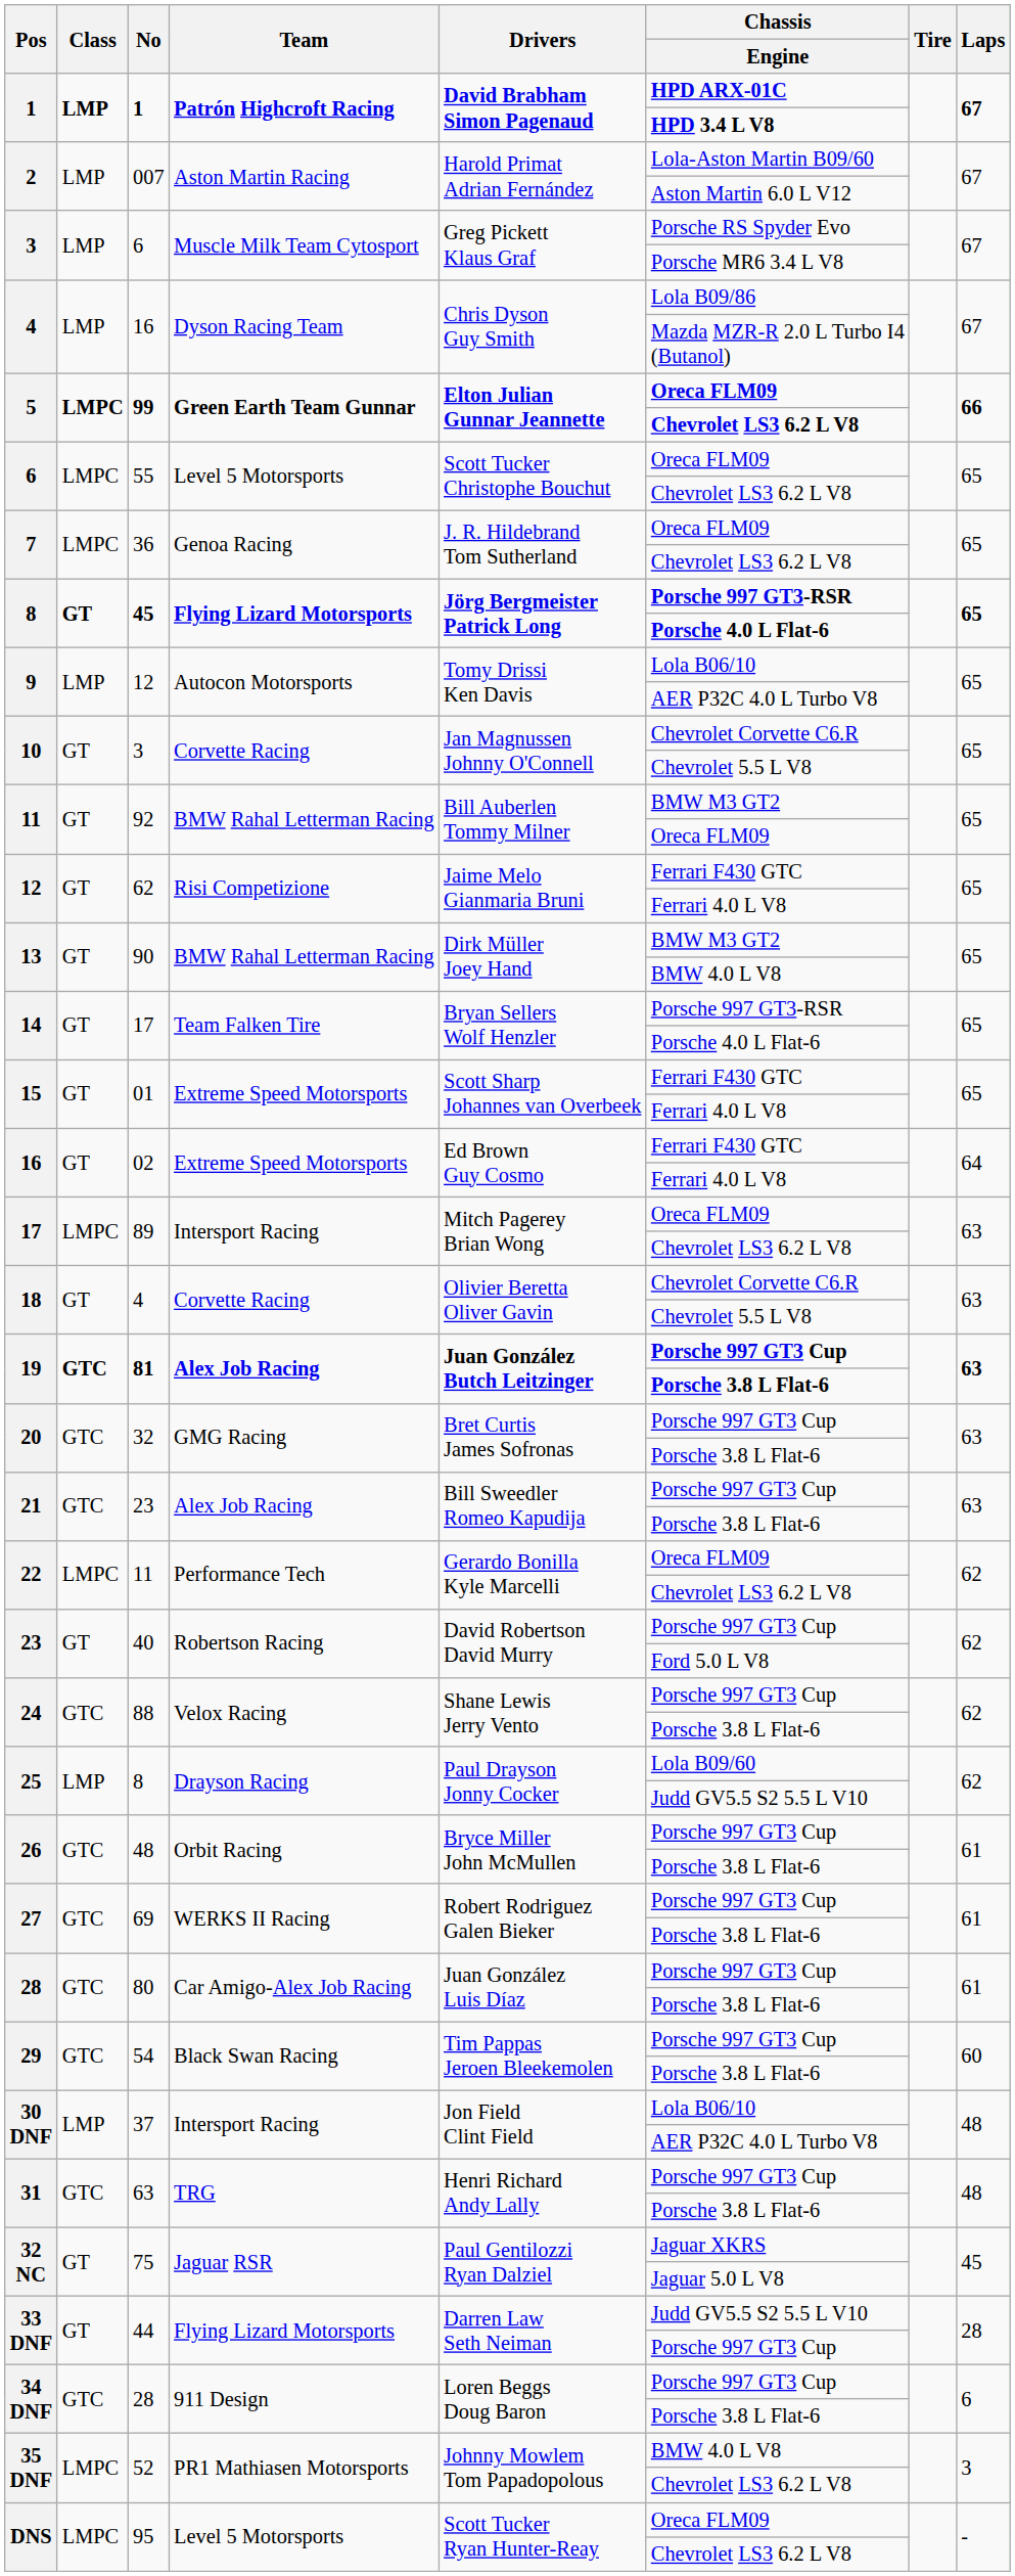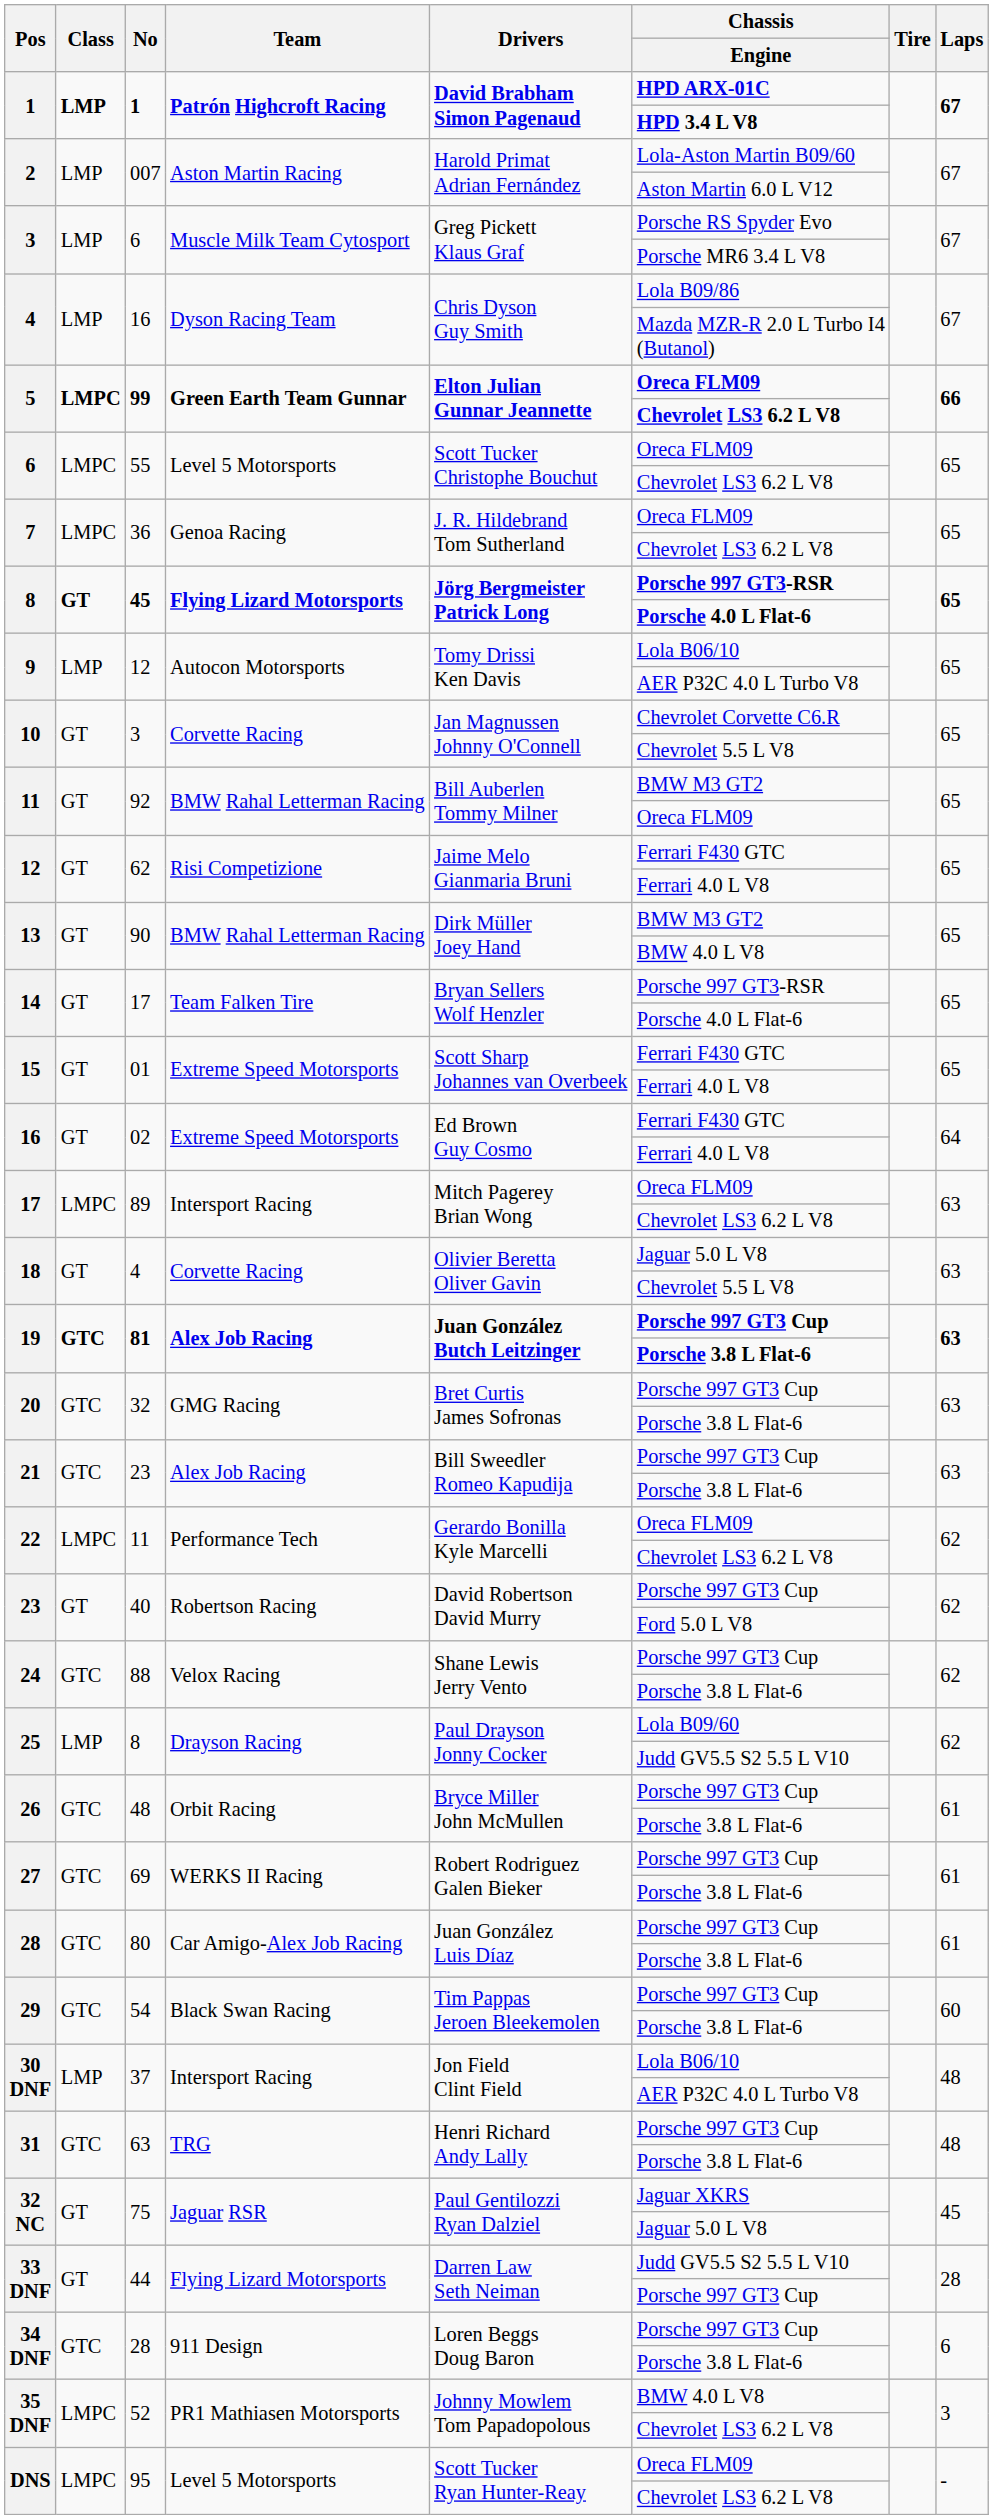 <table class="wikitable" style="font-size: 95%;">
 <tr>
 <th rowspan=2>Pos</th>
 <th rowspan=2>Class</th>
 <th rowspan=2>No</th>
 <th rowspan=2>Team</th>
 <th rowspan=2>Drivers</th>
 <th>Chassis</th>
 <th rowspan=2>Tire</th>
 <th rowspan=2>Laps</th>
 </tr>
 <tr>
 <th>Engine</th>
 </tr>
 <tr style="font-weight:bold">
 <th rowspan=2>1</th>
 <td rowspan=2>LMP</td>
 <td rowspan=2>1</td>
 <td rowspan=2> <a href='#'>Patrón</a> <a href='#'>Highcroft Racing</a></td>
 <td rowspan=2> <a href='#'>David Brabham</a><br> <a href='#'>Simon Pagenaud</a></td>
 <td><a href='#'>HPD ARX-01C</a></td>
 <td rowspan=2></td>
 <td rowspan=2>67</td>
 </tr>
 <tr style="font-weight:bold">
 <td><a href='#'>HPD</a> 3.4 L V8</td>
 </tr>
 <tr>
 <th rowspan=2>2</th>
 <td rowspan=2>LMP</td>
 <td rowspan=2>007</td>
 <td rowspan=2> <a href='#'>Aston Martin Racing</a></td>
 <td rowspan=2> <a href='#'>Harold Primat</a><br> <a href='#'>Adrian Fernández</a></td>
 <td><a href='#'>Lola-Aston Martin B09/60</a></td>
 <td rowspan=2></td>
 <td rowspan=2>67</td>
 </tr>
 <tr>
 <td><a href='#'>Aston Martin</a> 6.0 L V12</td>
 </tr>
 <tr>
 <th rowspan=2>3</th>
 <td rowspan=2>LMP</td>
 <td rowspan=2>6</td>
 <td rowspan=2> <a href='#'>Muscle Milk Team Cytosport</a></td>
 <td rowspan=2> Greg Pickett<br> <a href='#'>Klaus Graf</a></td>
 <td><a href='#'>Porsche RS Spyder</a> Evo</td>
 <td rowspan=2></td>
 <td rowspan=2>67</td>
 </tr>
 <tr>
 <td><a href='#'>Porsche</a> MR6 3.4 L V8</td>
 </tr>
 <tr>
 <th rowspan=2>4</th>
 <td rowspan=2>LMP</td>
 <td rowspan=2>16</td>
 <td rowspan=2> <a href='#'>Dyson Racing Team</a></td>
 <td rowspan=2> <a href='#'>Chris Dyson</a><br> <a href='#'>Guy Smith</a></td>
 <td><a href='#'>Lola B09/86</a></td>
 <td rowspan=2></td>
 <td rowspan=2>67</td>
 </tr>
 <tr>
 <td><a href='#'>Mazda</a> <a href='#'>MZR-R</a> 2.0 L Turbo I4<br>(<a href='#'>Butanol</a>)</td>
 </tr>
 <tr style="font-weight:bold">
 <th rowspan=2>5</th>
 <td rowspan=2>LMPC</td>
 <td rowspan=2>99</td>
 <td rowspan=2> Green Earth Team Gunnar</td>
 <td rowspan=2> <a href='#'>Elton Julian</a><br> <a href='#'>Gunnar Jeannette</a></td>
 <td><a href='#'>Oreca FLM09</a></td>
 <td rowspan=2></td>
 <td rowspan=2>66</td>
 </tr>
 <tr style="font-weight:bold">
 <td><a href='#'>Chevrolet</a> <a href='#'>LS3</a> 6.2 L V8</td>
 </tr>
 <tr>
 <th rowspan=2>6</th>
 <td rowspan=2>LMPC</td>
 <td rowspan=2>55</td>
 <td rowspan=2> Level 5 Motorsports</td>
 <td rowspan=2> <a href='#'>Scott Tucker</a><br> <a href='#'>Christophe Bouchut</a></td>
 <td><a href='#'>Oreca FLM09</a></td>
 <td rowspan=2></td>
 <td rowspan=2>65</td>
 </tr>
 <tr>
 <td><a href='#'>Chevrolet</a> <a href='#'>LS3</a> 6.2 L V8</td>
 </tr>
 <tr>
 <th rowspan=2>7</th>
 <td rowspan=2>LMPC</td>
 <td rowspan=2>36</td>
 <td rowspan=2> Genoa Racing</td>
 <td rowspan=2> <a href='#'>J. R. Hildebrand</a><br> Tom Sutherland</td>
 <td><a href='#'>Oreca FLM09</a></td>
 <td rowspan=2></td>
 <td rowspan=2>65</td>
 </tr>
 <tr>
 <td><a href='#'>Chevrolet</a> <a href='#'>LS3</a> 6.2 L V8</td>
 </tr>
 <tr style="font-weight:bold">
 <th rowspan=2>8</th>
 <td rowspan=2>GT</td>
 <td rowspan=2>45</td>
 <td rowspan=2> <a href='#'>Flying Lizard Motorsports</a></td>
 <td rowspan=2> <a href='#'>Jörg Bergmeister</a><br> <a href='#'>Patrick Long</a></td>
 <td><a href='#'>Porsche 997 GT3</a>-RSR</td>
 <td rowspan=2></td>
 <td rowspan=2>65</td>
 </tr>
 <tr style="font-weight:bold">
 <td><a href='#'>Porsche</a> 4.0 L Flat-6</td>
 </tr>
 <tr>
 <th rowspan=2>9</th>
 <td rowspan=2>LMP</td>
 <td rowspan=2>12</td>
 <td rowspan=2> Autocon Motorsports</td>
 <td rowspan=2> <a href='#'>Tomy Drissi</a><br> Ken Davis</td>
 <td><a href='#'>Lola B06/10</a></td>
 <td rowspan=2></td>
 <td rowspan=2>65</td>
 </tr>
 <tr>
 <td><a href='#'>AER</a> P32C 4.0 L Turbo V8</td>
 </tr>
 <tr>
 <th rowspan=2>10</th>
 <td rowspan=2>GT</td>
 <td rowspan=2>3</td>
 <td rowspan=2> <a href='#'>Corvette Racing</a></td>
 <td rowspan=2> <a href='#'>Jan Magnussen</a><br> <a href='#'>Johnny O'Connell</a></td>
 <td><a href='#'>Chevrolet Corvette C6.R</a></td>
 <td rowspan=2></td>
 <td rowspan=2>65</td>
 </tr>
 <tr>
 <td><a href='#'>Chevrolet</a> 5.5 L V8</td>
 </tr>
 <tr>
 <th rowspan=2>11</th>
 <td rowspan=2>GT</td>
 <td rowspan=2>92</td>
 <td rowspan=2> <a href='#'>BMW</a> <a href='#'>Rahal Letterman Racing</a></td>
 <td rowspan=2> <a href='#'>Bill Auberlen</a><br> <a href='#'>Tommy Milner</a></td>
 <td><a href='#'>BMW M3 GT2</a></td>
 <td rowspan=2></td>
 <td rowspan=2>65</td>
 </tr>
 <tr>
 <td><a href='#'>Oreca FLM09</a></td>
 </tr>
 <tr>
 <th rowspan=2>12</th>
 <td rowspan=2>GT</td>
 <td rowspan=2>62</td>
 <td rowspan=2> <a href='#'>Risi Competizione</a></td>
 <td rowspan=2> <a href='#'>Jaime Melo</a><br> <a href='#'>Gianmaria Bruni</a></td>
 <td><a href='#'>Ferrari F430</a> GTC</td>
 <td rowspan=2></td>
 <td rowspan=2>65</td>
 </tr>
 <tr>
 <td><a href='#'>Ferrari</a> 4.0 L V8</td>
 </tr>
 <tr>
 <th rowspan=2>13</th>
 <td rowspan=2>GT</td>
 <td rowspan=2>90</td>
 <td rowspan=2> <a href='#'>BMW</a> <a href='#'>Rahal Letterman Racing</a></td>
 <td rowspan=2> <a href='#'>Dirk Müller</a><br> <a href='#'>Joey Hand</a></td>
 <td><a href='#'>BMW M3 GT2</a></td>
 <td rowspan=2></td>
 <td rowspan=2>65</td>
 </tr>
 <tr>
 <td><a href='#'>BMW</a> 4.0 L V8</td>
 </tr>
 <tr>
 <th rowspan=2>14</th>
 <td rowspan=2>GT</td>
 <td rowspan=2>17</td>
 <td rowspan=2> <a href='#'>Team Falken Tire</a></td>
 <td rowspan=2> <a href='#'>Bryan Sellers</a><br> <a href='#'>Wolf Henzler</a></td>
 <td><a href='#'>Porsche 997 GT3</a>-RSR</td>
 <td rowspan=2></td>
 <td rowspan=2>65</td>
 </tr>
 <tr>
 <td><a href='#'>Porsche</a> 4.0 L Flat-6</td>
 </tr>
 <tr>
 <th rowspan=2>15</th>
 <td rowspan=2>GT</td>
 <td rowspan=2>01</td>
 <td rowspan=2> <a href='#'>Extreme Speed Motorsports</a></td>
 <td rowspan=2> <a href='#'>Scott Sharp</a><br> <a href='#'>Johannes van Overbeek</a></td>
 <td><a href='#'>Ferrari F430</a> GTC</td>
 <td rowspan=2></td>
 <td rowspan=2>65</td>
 </tr>
 <tr>
 <td><a href='#'>Ferrari</a> 4.0 L V8</td>
 </tr>
 <tr>
 <th rowspan=2>16</th>
 <td rowspan=2>GT</td>
 <td rowspan=2>02</td>
 <td rowspan=2> <a href='#'>Extreme Speed Motorsports</a></td>
 <td rowspan=2> Ed Brown<br> <a href='#'>Guy Cosmo</a></td>
 <td><a href='#'>Ferrari F430</a> GTC</td>
 <td rowspan=2></td>
 <td rowspan=2>64</td>
 </tr>
 <tr>
 <td><a href='#'>Ferrari</a> 4.0 L V8</td>
 </tr>
 <tr>
 <th rowspan=2>17</th>
 <td rowspan=2>LMPC</td>
 <td rowspan=2>89</td>
 <td rowspan=2> Intersport Racing</td>
 <td rowspan=2> Mitch Pagerey<br> Brian Wong</td>
 <td><a href='#'>Oreca FLM09</a></td>
 <td rowspan=2></td>
 <td rowspan=2>63</td>
 </tr>
 <tr>
 <td><a href='#'>Chevrolet</a> <a href='#'>LS3</a> 6.2 L V8</td>
 </tr>
 <tr>
 <th rowspan=2>18</th>
 <td rowspan=2>GT</td>
 <td rowspan=2>4</td>
 <td rowspan=2> <a href='#'>Corvette Racing</a></td>
 <td rowspan=2> <a href='#'>Olivier Beretta</a><br> <a href='#'>Oliver Gavin</a></td>
-<td><a href='#'>Chevrolet Corvette C6.R</a></td>
+<td><a href='#'>Jaguar</a> 5.0 L V8</td>
 <td rowspan=2></td>
 <td rowspan=2>63</td>
 </tr>
 <tr>
 <td><a href='#'>Chevrolet</a> 5.5 L V8</td>
 </tr>
 <tr style="font-weight:bold">
 <th rowspan=2>19</th>
 <td rowspan=2>GTC</td>
 <td rowspan=2>81</td>
 <td rowspan=2> <a href='#'>Alex Job Racing</a></td>
 <td rowspan=2> Juan González<br> <a href='#'>Butch Leitzinger</a></td>
 <td><a href='#'>Porsche 997 GT3</a> Cup</td>
 <td rowspan=2></td>
 <td rowspan=2>63</td>
 </tr>
 <tr style="font-weight:bold">
 <td><a href='#'>Porsche</a> 3.8 L Flat-6</td>
 </tr>
 <tr>
 <th rowspan=2>20</th>
 <td rowspan=2>GTC</td>
 <td rowspan=2>32</td>
 <td rowspan=2> GMG Racing</td>
 <td rowspan=2> <a href='#'>Bret Curtis</a><br> James Sofronas</td>
 <td><a href='#'>Porsche 997 GT3</a> Cup</td>
 <td rowspan=2></td>
 <td rowspan=2>63</td>
 </tr>
 <tr>
 <td><a href='#'>Porsche</a> 3.8 L Flat-6</td>
 </tr>
 <tr>
 <th rowspan=2>21</th>
 <td rowspan=2>GTC</td>
 <td rowspan=2>23</td>
 <td rowspan=2> <a href='#'>Alex Job Racing</a></td>
 <td rowspan=2> Bill Sweedler<br> <a href='#'>Romeo Kapudija</a></td>
 <td><a href='#'>Porsche 997 GT3</a> Cup</td>
 <td rowspan=2></td>
 <td rowspan=2>63</td>
 </tr>
 <tr>
 <td><a href='#'>Porsche</a> 3.8 L Flat-6</td>
 </tr>
 <tr>
 <th rowspan=2>22</th>
 <td rowspan=2>LMPC</td>
 <td rowspan=2>11</td>
 <td rowspan=2> Performance Tech</td>
 <td rowspan=2> <a href='#'>Gerardo Bonilla</a><br> Kyle Marcelli</td>
 <td><a href='#'>Oreca FLM09</a></td>
 <td rowspan=2></td>
 <td rowspan=2>62</td>
 </tr>
 <tr>
 <td><a href='#'>Chevrolet</a> <a href='#'>LS3</a> 6.2 L V8</td>
 </tr>
 <tr>
 <th rowspan=2>23</th>
 <td rowspan=2>GT</td>
 <td rowspan=2>40</td>
 <td rowspan=2> Robertson Racing</td>
 <td rowspan=2> David Robertson<br> David Murry</td>
 <td><a href='#'>Porsche 997 GT3</a> Cup</td>
 <td rowspan=2></td>
 <td rowspan=2>62</td>
 </tr>
 <tr>
 <td><a href='#'>Ford</a> 5.0 L V8</td>
 </tr>
 <tr>
 <th rowspan=2>24</th>
 <td rowspan=2>GTC</td>
 <td rowspan=2>88</td>
 <td rowspan=2> Velox Racing</td>
 <td rowspan=2> Shane Lewis<br> Jerry Vento</td>
 <td><a href='#'>Porsche 997 GT3</a> Cup</td>
 <td rowspan=2></td>
 <td rowspan=2>62</td>
 </tr>
 <tr>
 <td><a href='#'>Porsche</a> 3.8 L Flat-6</td>
 </tr>
 <tr>
 <th rowspan=2>25</th>
 <td rowspan=2>LMP</td>
 <td rowspan=2>8</td>
 <td rowspan=2> <a href='#'>Drayson Racing</a></td>
 <td rowspan=2> <a href='#'>Paul Drayson</a><br> <a href='#'>Jonny Cocker</a></td>
 <td><a href='#'>Lola B09/60</a></td>
 <td rowspan=2></td>
 <td rowspan=2>62</td>
 </tr>
 <tr>
 <td><a href='#'>Judd</a> GV5.5 S2 5.5 L V10</td>
 </tr>
 <tr>
 <th rowspan=2>26</th>
 <td rowspan=2>GTC</td>
 <td rowspan=2>48</td>
 <td rowspan=2> Orbit Racing</td>
 <td rowspan=2> <a href='#'>Bryce Miller</a><br> John McMullen</td>
 <td><a href='#'>Porsche 997 GT3</a> Cup</td>
 <td rowspan=2></td>
 <td rowspan=2>61</td>
 </tr>
 <tr>
 <td><a href='#'>Porsche</a> 3.8 L Flat-6</td>
 </tr>
 <tr>
 <th rowspan=2>27</th>
 <td rowspan=2>GTC</td>
 <td rowspan=2>69</td>
 <td rowspan=2> WERKS II Racing</td>
 <td rowspan=2> Robert Rodriguez<br> Galen Bieker</td>
 <td><a href='#'>Porsche 997 GT3</a> Cup</td>
 <td rowspan=2></td>
 <td rowspan=2>61</td>
 </tr>
 <tr>
 <td><a href='#'>Porsche</a> 3.8 L Flat-6</td>
 </tr>
 <tr>
 <th rowspan=2>28</th>
 <td rowspan=2>GTC</td>
 <td rowspan=2>80</td>
 <td rowspan=2> Car Amigo-<a href='#'>Alex Job Racing</a></td>
 <td rowspan=2> Juan González<br> <a href='#'>Luis Díaz</a></td>
 <td><a href='#'>Porsche 997 GT3</a> Cup</td>
 <td rowspan=2></td>
 <td rowspan=2>61</td>
 </tr>
 <tr>
 <td><a href='#'>Porsche</a> 3.8 L Flat-6</td>
 </tr>
 <tr>
 <th rowspan=2>29</th>
 <td rowspan=2>GTC</td>
 <td rowspan=2>54</td>
 <td rowspan=2> Black Swan Racing</td>
 <td rowspan=2> <a href='#'>Tim Pappas</a><br> <a href='#'>Jeroen Bleekemolen</a></td>
 <td><a href='#'>Porsche 997 GT3</a> Cup</td>
 <td rowspan=2></td>
 <td rowspan=2>60</td>
 </tr>
 <tr>
 <td><a href='#'>Porsche</a> 3.8 L Flat-6</td>
 </tr>
 <tr>
 <th rowspan=2>30<br>DNF</th>
 <td rowspan=2>LMP</td>
 <td rowspan=2>37</td>
 <td rowspan=2> Intersport Racing</td>
 <td rowspan=2> Jon Field<br> Clint Field</td>
 <td><a href='#'>Lola B06/10</a></td>
 <td rowspan=2></td>
 <td rowspan=2>48</td>
 </tr>
 <tr>
 <td><a href='#'>AER</a> P32C 4.0 L Turbo V8</td>
 </tr>
 <tr>
 <th rowspan=2>31</th>
 <td rowspan=2>GTC</td>
 <td rowspan=2>63</td>
 <td rowspan=2> <a href='#'>TRG</a></td>
 <td rowspan=2> Henri Richard<br> <a href='#'>Andy Lally</a></td>
 <td><a href='#'>Porsche 997 GT3</a> Cup</td>
 <td rowspan=2></td>
 <td rowspan=2>48</td>
 </tr>
 <tr>
 <td><a href='#'>Porsche</a> 3.8 L Flat-6</td>
 </tr>
 <tr>
 <th rowspan=2>32<br>NC</th>
 <td rowspan=2>GT</td>
 <td rowspan=2>75</td>
 <td rowspan=2> <a href='#'>Jaguar</a> <a href='#'>RSR</a></td>
 <td rowspan=2> <a href='#'>Paul Gentilozzi</a><br> <a href='#'>Ryan Dalziel</a></td>
 <td><a href='#'>Jaguar XKRS</a></td>
 <td rowspan=2></td>
 <td rowspan=2>45</td>
 </tr>
 <tr>
 <td><a href='#'>Jaguar</a> 5.0 L V8</td>
 </tr>
 <tr>
 <th rowspan=2>33<br>DNF</th>
 <td rowspan=2>GT</td>
 <td rowspan=2>44</td>
 <td rowspan=2> <a href='#'>Flying Lizard Motorsports</a></td>
 <td rowspan=2> <a href='#'>Darren Law</a><br> <a href='#'>Seth Neiman</a></td>
 <td><a href='#'>Judd</a> GV5.5 S2 5.5 L V10</td>
 <td rowspan=2></td>
 <td rowspan=2>28</td>
 </tr>
 <tr>
 <td><a href='#'>Porsche 997 GT3</a> Cup</td>
 </tr>
 <tr>
 <th rowspan=2>34<br>DNF</th>
 <td rowspan=2>GTC</td>
 <td rowspan=2>28</td>
 <td rowspan=2> 911 Design</td>
 <td rowspan=2> Loren Beggs<br> Doug Baron</td>
 <td><a href='#'>Porsche 997 GT3</a> Cup</td>
 <td rowspan=2></td>
 <td rowspan=2>6</td>
 </tr>
 <tr>
 <td><a href='#'>Porsche</a> 3.8 L Flat-6</td>
 </tr>
 <tr>
 <th rowspan=2>35<br>DNF</th>
 <td rowspan=2>LMPC</td>
 <td rowspan=2>52</td>
 <td rowspan=2> PR1 Mathiasen Motorsports</td>
 <td rowspan=2> <a href='#'>Johnny Mowlem</a><br> Tom Papadopolous</td>
 <td><a href='#'>BMW</a> 4.0 L V8</td>
 <td rowspan=2></td>
 <td rowspan=2>3</td>
 </tr>
 <tr>
 <td><a href='#'>Chevrolet</a> <a href='#'>LS3</a> 6.2 L V8</td>
 </tr>
 <tr>
 <th rowspan=2>DNS</th>
 <td rowspan=2>LMPC</td>
 <td rowspan=2>95</td>
 <td rowspan=2> Level 5 Motorsports</td>
 <td rowspan=2> <a href='#'>Scott Tucker</a><br> <a href='#'>Ryan Hunter-Reay</a></td>
 <td><a href='#'>Oreca FLM09</a></td>
 <td rowspan=2></td>
 <td rowspan=2>-</td>
 </tr>
 <tr>
 <td><a href='#'>Chevrolet</a> <a href='#'>LS3</a> 6.2 L V8</td>
 </tr>
 </table>
